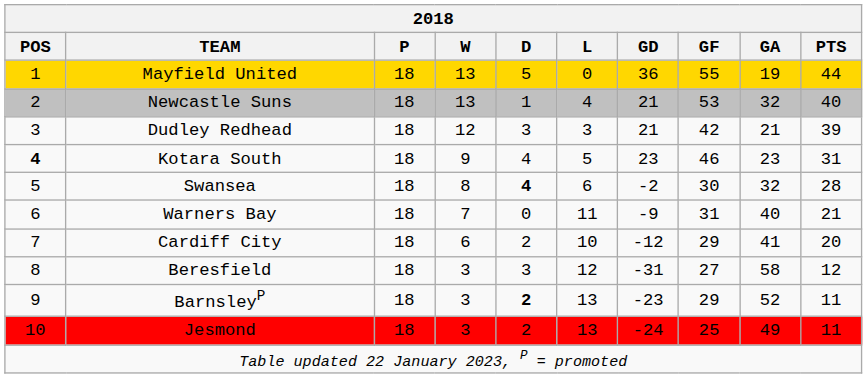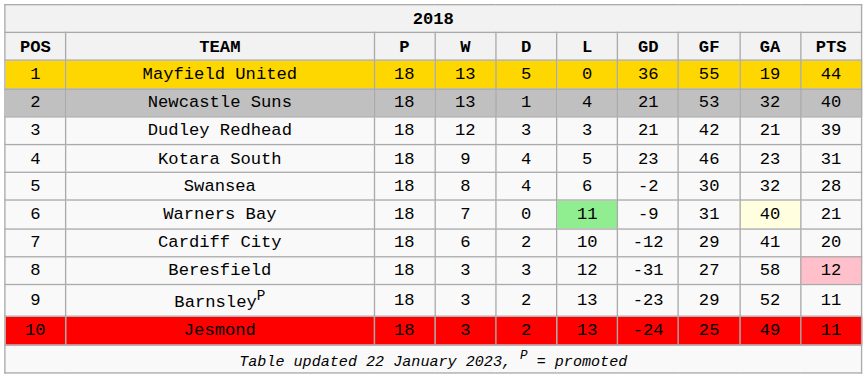 <table class="wikitable collapsible collapsed" style="text-align:center; min-width:50em; margin: 1em auto 1em auto;">
 <tr>
 <th colspan=10>2018</th>
 </tr>
 <tr>
 <th scope="col" width="40px">POS</th>
 <th scope="col">TEAM</th>
 <th scope="col" width="40px">P</th>
 <th scope="col" width="40px">W</th>
 <th scope="col" width="40px">D</th>
 <th scope="col" width="40px">L</th>
 <th scope="col" width="40px">GD</th>
 <th scope="col" width="40px">GF</th>
 <th scope="col" width="40px">GA</th>
 <th scope="col" width="40px">PTS</th>
 </tr>
 <tr style="background: gold;">
 <td>1</td>
 <td>Mayfield United</td>
 <td>18</td>
 <td>13</td>
 <td>5</td>
 <td>0</td>
 <td>36</td>
 <td>55</td>
 <td>19</td>
 <td>44</td>
 </tr>
 <tr style="background: silver;">
 <td>2</td>
 <td>Newcastle Suns</td>
 <td>18</td>
 <td>13</td>
 <td>1</td>
 <td>4</td>
 <td>21</td>
 <td>53</td>
 <td>32</td>
 <td>40</td>
 </tr>
 <tr>
 <td>3</td>
 <td>Dudley Redhead</td>
 <td>18</td>
 <td>12</td>
 <td>3</td>
 <td>3</td>
 <td>21</td>
 <td>42</td>
 <td>21</td>
 <td>39</td>
 </tr>
 <tr>
-<td><strong>4</strong></td>
+<td>4</td>
 <td>Kotara South</td>
 <td>18</td>
 <td>9</td>
 <td>4</td>
 <td>5</td>
 <td>23</td>
 <td>46</td>
 <td>23</td>
 <td>31</td>
 </tr>
 <tr>
 <td>5</td>
 <td>Swansea</td>
 <td>18</td>
 <td>8</td>
-<td><strong>4</strong></td>
+<td>4</td>
 <td>6</td>
 <td>-2</td>
 <td>30</td>
 <td>32</td>
 <td>28</td>
 </tr>
 <tr>
 <td>6</td>
 <td>Warners Bay</td>
 <td>18</td>
 <td>7</td>
 <td>0</td>
-<td>11</td>
+<td style="background: lightgreen;">11</td>
 <td>-9</td>
 <td>31</td>
-<td>40</td>
+<td style="background: lightyellow;">40</td>
 <td>21</td>
 </tr>
 <tr>
 <td>7</td>
 <td>Cardiff City</td>
 <td>18</td>
 <td>6</td>
 <td>2</td>
 <td>10</td>
 <td>-12</td>
 <td>29</td>
 <td>41</td>
 <td>20</td>
 </tr>
 <tr>
 <td>8</td>
 <td>Beresfield</td>
 <td>18</td>
 <td>3</td>
 <td>3</td>
 <td>12</td>
 <td>-31</td>
 <td>27</td>
 <td>58</td>
-<td>12</td>
+<td style="background: pink;">12</td>
 </tr>
 <tr>
 <td>9</td>
 <td>Barnsley<sup>P</sup></td>
 <td>18</td>
 <td>3</td>
-<td><strong>2</strong></td>
+<td>2</td>
 <td>13</td>
 <td>-23</td>
 <td>29</td>
 <td>52</td>
 <td>11</td>
 </tr>
 <tr style="background: red;">
 <td>10</td>
 <td>Jesmond</td>
 <td>18</td>
 <td>3</td>
 <td>2</td>
 <td>13</td>
 <td>-24</td>
 <td>25</td>
 <td>49</td>
 <td>11</td>
 </tr>
 <tr>
 <td colspan=10 style="font-size:88%"><em>Table updated 22 January 2023, <sup>P</sup> = promoted</em></td>
 </tr>
 </table>
